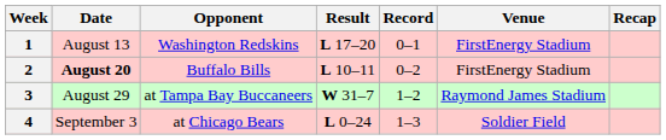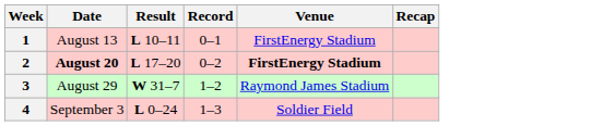 <table class="wikitable" style="text-align:center">
 <tr>
 <th>Week</th>
 <th>Date</th>
-<th>Opponent</th>
 <th>Result</th>
 <th>Record</th>
 <th>Venue</th>
 <th>Recap</th>
 </tr>
 <tr style="background:#fcc">
 <th>1</th>
 <td>August 13</td>
-<td><a href='#'>Washington Redskins</a></td>
-<td><strong>L</strong> 17–20</td>
+<td><strong>L</strong> 10–11</td>
 <td>0–1</td>
 <td><a href='#'>FirstEnergy Stadium</a></td>
 <td></td>
 </tr>
 <tr style="background:#fcc">
 <th>2</th>
 <td><strong>August 20</strong></td>
-<td><a href='#'>Buffalo Bills</a></td>
-<td><strong>L</strong> 10–11</td>
+<td><strong>L</strong> 17–20</td>
 <td>0–2</td>
-<td>FirstEnergy Stadium</td>
+<td><strong>FirstEnergy Stadium</strong></td>
 <td></td>
 </tr>
 <tr style="background:#cfc">
 <th>3</th>
 <td>August 29</td>
-<td>at <a href='#'>Tampa Bay Buccaneers</a></td>
 <td><strong>W</strong> 31–7</td>
 <td>1–2</td>
 <td><a href='#'>Raymond James Stadium</a></td>
 <td></td>
 </tr>
 <tr style="background:#fcc">
 <th>4</th>
 <td>September 3</td>
-<td>at <a href='#'>Chicago Bears</a></td>
 <td><strong>L</strong> 0–24</td>
 <td>1–3</td>
 <td><a href='#'>Soldier Field</a></td>
 <td></td>
 </tr>
 </table>
